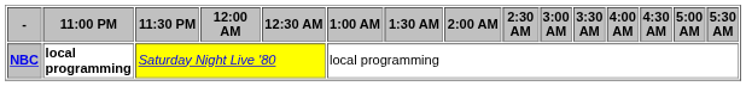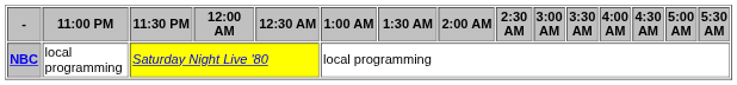 <table border="1" cellpadding="2">
 <tr>
 <th bgcolor="#C0C0C0">-</th>
 <th width="13%" bgcolor="#C0C0C0">11:00 PM</th>
 <th width="14%" bgcolor="#C0C0C0">11:30 PM</th>
 <th width="13%" bgcolor="#C0C0C0">12:00 AM</th>
 <th width="14%" bgcolor="#C0C0C0">12:30 AM</th>
 <th width="13%" bgcolor="#C0C0C0">1:00 AM</th>
 <th width="14%" bgcolor="#C0C0C0">1:30 AM</th>
 <th width="13%" bgcolor="#C0C0C0">2:00 AM</th>
 <th width="14%" bgcolor="#C0C0C0">2:30 AM</th>
 <th width="13%" bgcolor="#C0C0C0">3:00 AM</th>
 <th width="14%" bgcolor="#C0C0C0">3:30 AM</th>
 <th width="13%" bgcolor="#C0C0C0">4:00 AM</th>
 <th width="14%" bgcolor="#C0C0C0">4:30 AM</th>
 <th width="13%" bgcolor="#C0C0C0">5:00 AM</th>
 <th width="14%" bgcolor="#C0C0C0">5:30 AM</th>
 </tr>
 <tr>
 <th bgcolor="#C0C0C0"><a href='#'>NBC</a></th>
-<td bgcolor="white"><strong>local programming</strong></td>
+<td bgcolor="white">local programming</td>
 <td bgcolor="yellow" colspan="3"><em><a href='#'>Saturday Night Live '80</a></em></td>
 <td bgcolor="white" colspan="10">local programming</td>
 </tr>
 </table>
